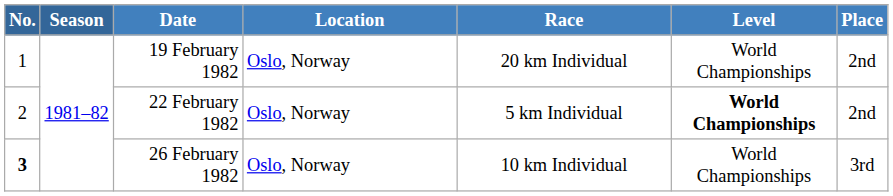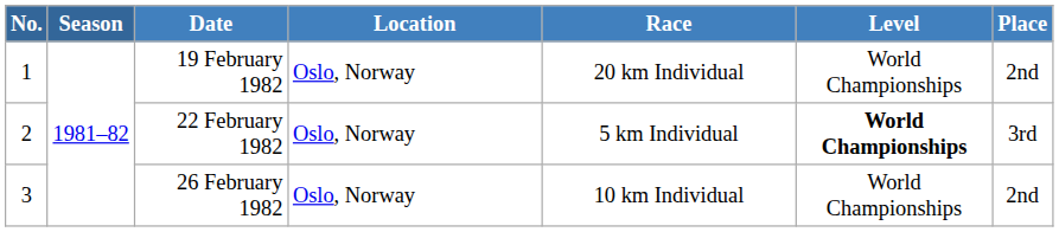 <table class="wikitable sortable" style="font-size:95%; text-align:center; border:grey solid 1px; border-collapse:collapse; background:#ffffff;">
 <tr style="background:#efefef;">
 <th style="background-color:#369; color:white;">No.</th>
 <th style="background-color:#369; color:white;">Season</th>
 <th style="background-color:#4180be; color:white; width:100px;">Date</th>
 <th style="background-color:#4180be; color:white; width:170px;">Location</th>
 <th style="background-color:#4180be; color:white; width:170px;">Race</th>
 <th style="background-color:#4180be; color:white; width:130px;">Level</th>
 <th style="background-color:#4180be; color:white;">Place</th>
 </tr>
 <tr>
 <td align=center>1</td>
 <td rowspan=3 align=center><a href='#'>1981–82</a></td>
 <td align=right>19 February 1982</td>
 <td align=left>  <a href='#'>Oslo</a>, Norway</td>
 <td>20 km Individual</td>
 <td>World Championships</td>
 <td>2nd</td>
 </tr>
 <tr>
 <td align=center>2</td>
 <td align=right>22 February 1982</td>
 <td align=left>  <a href='#'>Oslo</a>, Norway</td>
 <td>5 km Individual</td>
 <td><strong>World Championships</strong></td>
-<td>2nd</td>
+<td>3rd</td>
 </tr>
 <tr>
-<td align=center><strong>3</strong></td>
+<td align=center>3</td>
 <td align=right>26 February 1982</td>
 <td align=left>  <a href='#'>Oslo</a>, Norway</td>
 <td>10 km Individual</td>
 <td>World Championships</td>
-<td>3rd</td>
+<td>2nd</td>
 </tr>
 </table>
